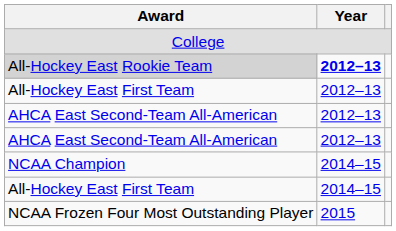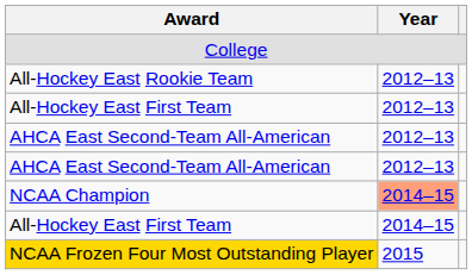 <table class="wikitable">
 <tr>
 <th>Award</th>
 <th>Year</th>
 <th></th>
 </tr>
 <tr ALIGN="center" bgcolor="#e0e0e0">
 <td colspan="3"><a href='#'>College</a></td>
 </tr>
 <tr>
-<td style="background: lightgrey;">All-<a href='#'>Hockey East</a> <a href='#'>Rookie Team</a></td>
-<td><strong><a href='#'>2012–13</a></strong></td>
+<td>All-<a href='#'>Hockey East</a> <a href='#'>Rookie Team</a></td>
+<td><a href='#'>2012–13</a></td>
 <td></td>
 </tr>
 <tr>
 <td>All-<a href='#'>Hockey East</a> <a href='#'>First Team</a></td>
 <td><a href='#'>2012–13</a></td>
 <td></td>
 </tr>
 <tr>
 <td><a href='#'>AHCA</a> <a href='#'>East Second-Team All-American</a></td>
 <td><a href='#'>2012–13</a></td>
 <td></td>
 </tr>
 <tr>
 <td><a href='#'>AHCA</a> <a href='#'>East Second-Team All-American</a></td>
 <td><a href='#'>2012–13</a></td>
 <td></td>
 </tr>
 <tr>
 <td><a href='#'>NCAA Champion</a></td>
-<td><a href='#'>2014–15</a></td>
+<td style="background: lightsalmon;"><a href='#'>2014–15</a></td>
 <td></td>
 </tr>
 <tr>
 <td>All-<a href='#'>Hockey East</a> <a href='#'>First Team</a></td>
 <td><a href='#'>2014–15</a></td>
 <td></td>
 </tr>
 <tr>
-<td>NCAA Frozen Four Most Outstanding Player</td>
+<td style="background: gold;">NCAA Frozen Four Most Outstanding Player</td>
 <td><a href='#'>2015</a></td>
 <td></td>
 </tr>
 </table>
